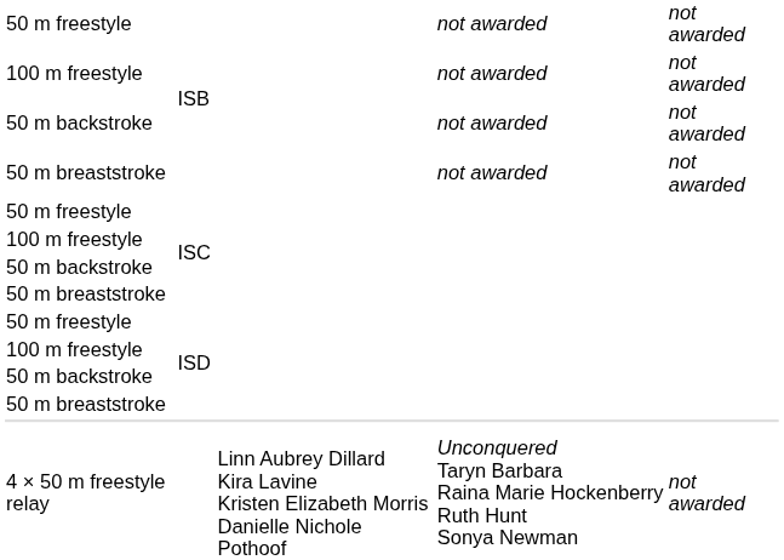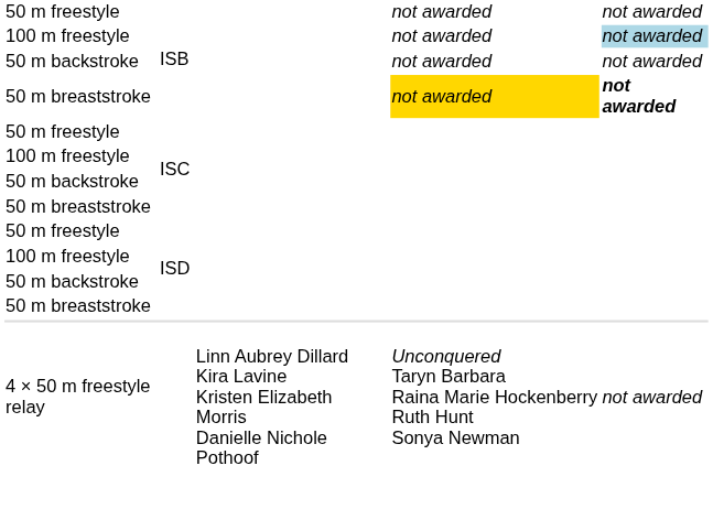 <table>
 <tr>
 <td>50 m freestyle</td>
 <td rowspan=4>ISB</td>
 <td></td>
 <td><em>not awarded</em></td>
 <td><em>not awarded</em></td>
 </tr>
 <tr>
 <td>100 m freestyle</td>
 <td nowrap></td>
 <td><em>not awarded</em></td>
-<td><em>not awarded</em></td>
+<td style="background: lightblue;"><em>not awarded</em></td>
 </tr>
 <tr>
 <td>50 m backstroke</td>
 <td></td>
 <td><em>not awarded</em></td>
 <td><em>not awarded</em></td>
 </tr>
 <tr>
 <td>50 m breaststroke</td>
 <td></td>
-<td><em>not awarded</em></td>
-<td><em>not awarded</em></td>
+<td style="background: gold;"><em>not awarded</em></td>
+<td><strong><em>not awarded</em></strong></td>
 </tr>
 <tr>
 <td>50 m freestyle</td>
 <td rowspan=4>ISC</td>
 <td></td>
 <td></td>
 <td></td>
 </tr>
 <tr>
 <td>100 m freestyle</td>
 <td></td>
 <td></td>
 <td></td>
 </tr>
 <tr>
 <td>50 m backstroke</td>
 <td></td>
 <td></td>
 <td nowrap></td>
 </tr>
 <tr>
 <td>50 m breaststroke</td>
 <td></td>
 <td></td>
 <td></td>
 </tr>
 <tr>
 <td>50 m freestyle</td>
 <td rowspan=4>ISD</td>
 <td></td>
 <td></td>
 <td></td>
 </tr>
 <tr>
 <td>100 m freestyle</td>
 <td></td>
 <td></td>
 <td></td>
 </tr>
 <tr>
 <td>50 m backstroke</td>
 <td></td>
 <td></td>
 <td></td>
 </tr>
 <tr>
 <td>50 m breaststroke</td>
 <td></td>
 <td></td>
 <td></td>
 </tr>
 <tr bgcolor=#dddddd>
 <td colspan=5></td>
 </tr>
 <tr>
 <td colspan=2>4 × 50 m freestyle relay</td>
 <td><br>Linn Aubrey Dillard<br>Kira Lavine<br>Kristen Elizabeth Morris<br>Danielle Nichole Pothoof</td>
 <td nowrap><em>Unconquered</em><br>Taryn Barbara<br>Raina Marie Hockenberry<br>Ruth Hunt<br>Sonya Newman</td>
 <td><em>not awarded</em></td>
 </tr>
 </table>
